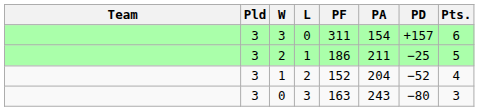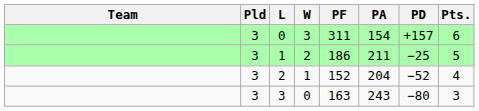 <table class=wikitable style="text-align:center">
 <tr>
 <th width=240>Team</th>
 <th width=20>Pld</th>
+<th width=20>L</th>
 <th width=20>W</th>
-<th width=20>L</th>
 <th width=35>PF</th>
 <th width=35>PA</th>
 <th width=35>PD</th>
 <th width=30>Pts.</th>
 </tr>
 <tr bgcolor=#aaffaa>
 <td align=left></td>
 <td>3</td>
+<td>0</td>
 <td>3</td>
-<td>0</td>
 <td>311</td>
 <td>154</td>
 <td>+157</td>
 <td>6</td>
 </tr>
 <tr bgcolor=#aaffaa>
 <td align=left></td>
 <td>3</td>
+<td>1</td>
 <td>2</td>
-<td>1</td>
 <td>186</td>
 <td>211</td>
 <td>−25</td>
 <td>5</td>
 </tr>
 <tr>
 <td align=left></td>
 <td>3</td>
+<td>2</td>
 <td>1</td>
-<td>2</td>
 <td>152</td>
 <td>204</td>
 <td>−52</td>
 <td>4</td>
 </tr>
 <tr>
 <td align=left></td>
 <td>3</td>
+<td>3</td>
 <td>0</td>
-<td>3</td>
 <td>163</td>
 <td>243</td>
 <td>−80</td>
 <td>3</td>
 </tr>
 </table>
